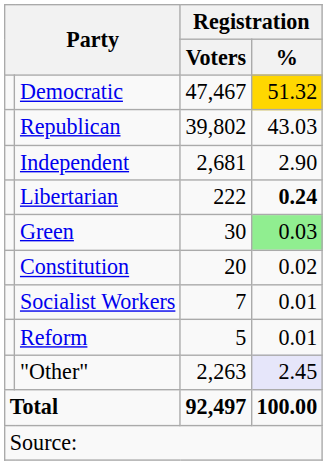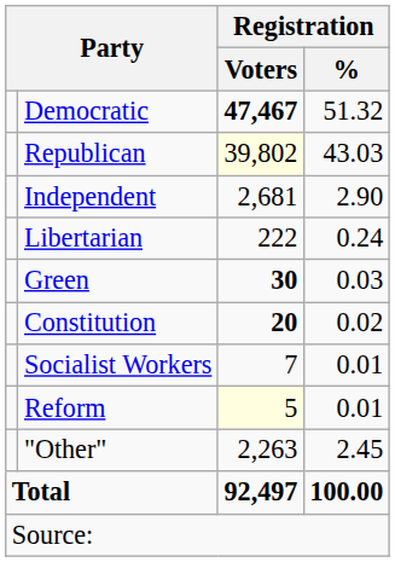 <table class="wikitable">
 <tr>
 <th colspan="2" rowspan="2">Party</th>
 <th colspan="2">Registration</th>
 </tr>
 <tr>
 <th>Voters</th>
 <th>%</th>
 </tr>
 <tr>
 <td style="background-color:"></td>
 <td><a href='#'>Democratic</a></td>
-<td style="text-align:right;">47,467</td>
-<td style="background: gold; text-align:right;">51.32</td>
+<td style="text-align:right;"><strong>47,467</strong></td>
+<td style="text-align:right;">51.32</td>
 </tr>
 <tr>
 <td style="background-color:"></td>
 <td><a href='#'>Republican</a></td>
-<td style="text-align:right;">39,802</td>
+<td style="background: lightyellow; text-align:right;">39,802</td>
 <td style="text-align:right;">43.03</td>
 </tr>
 <tr>
 <td style="background-color:"></td>
 <td><a href='#'>Independent</a></td>
 <td style="text-align:right;">2,681</td>
 <td style="text-align:right;">2.90</td>
 </tr>
 <tr>
 <td style="background-color:"></td>
 <td><a href='#'>Libertarian</a></td>
 <td style="text-align:right;">222</td>
-<td style="text-align:right;"><strong>0.24</strong></td>
+<td style="text-align:right;">0.24</td>
 </tr>
 <tr>
 <td style="background-color:"></td>
 <td><a href='#'>Green</a></td>
-<td style="text-align:right;">30</td>
-<td style="background: lightgreen; text-align:right;">0.03</td>
+<td style="text-align:right;"><strong>30</strong></td>
+<td style="text-align:right;">0.03</td>
 </tr>
 <tr>
 <td style="background-color:"></td>
 <td><a href='#'>Constitution</a></td>
-<td style="text-align:right;">20</td>
+<td style="text-align:right;"><strong>20</strong></td>
 <td style="text-align:right;">0.02</td>
 </tr>
 <tr>
 <td style="background-color:"></td>
 <td><a href='#'>Socialist Workers</a></td>
 <td style="text-align:right;">7</td>
 <td style="text-align:right;">0.01</td>
 </tr>
 <tr>
 <td style="background-color:"></td>
 <td><a href='#'>Reform</a></td>
-<td style="text-align:right;">5</td>
+<td style="background: lightyellow; text-align:right;">5</td>
 <td style="text-align:right;">0.01</td>
 </tr>
 <tr>
 <td></td>
 <td>"Other"</td>
 <td style="text-align:right;">2,263</td>
-<td style="background: lavender; text-align:right;">2.45</td>
+<td style="text-align:right;">2.45</td>
 </tr>
 <tr>
 <td colspan="2"><strong>Total</strong></td>
 <td style="text-align:right;"><strong>92,497</strong></td>
 <td style="text-align:right;"><strong>100.00</strong></td>
 </tr>
 <tr>
 <td colspan="4">Source: <em></em></td>
 </tr>
 </table>
